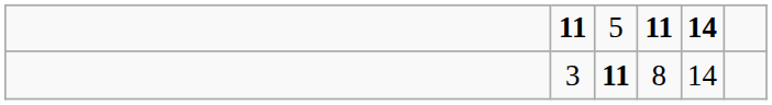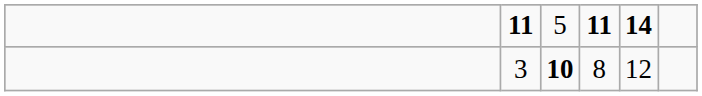 <table class="wikitable">
 <tr>
 <td style="width:18em"></td>
 <td align=center style="width:1em"><strong>11</strong></td>
 <td align=center style="width:1em">5</td>
 <td align=center style="width:1em"><strong>11</strong></td>
 <td align=center style="width:1em"><strong>14</strong></td>
 <td align=center style="width:1em"></td>
 </tr>
 <tr>
 <td style="width:18em"></td>
 <td align=center style="width:1em">3</td>
-<td align=center style="width:1em"><strong>11</strong></td>
+<td align=center style="width:1em"><strong>10</strong></td>
 <td align=center style="width:1em">8</td>
-<td align=center style="width:1em">14</td>
+<td align=center style="width:1em">12</td>
 <td align=center style="width:1em"></td>
 </tr>
 </table>
